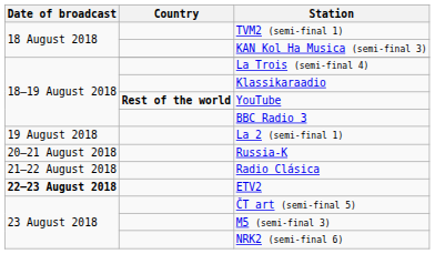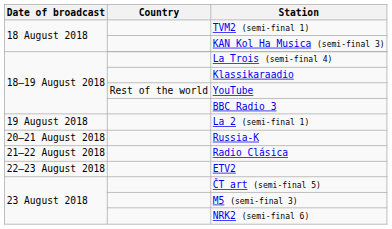 <table class="wikitable sortable">
 <tr>
 <th>Date of broadcast</th>
 <th>Country</th>
 <th>Station</th>
 </tr>
 <tr>
 <td rowspan="2">18 August 2018</td>
 <td></td>
 <td><a href='#'>TVM2</a> <small>(semi-final 1)</small></td>
 </tr>
 <tr>
 <td></td>
 <td><a href='#'>KAN Kol Ha Musica</a> <small>(semi-final 3)</small></td>
 </tr>
 <tr>
 <td rowspan="5">18–19 August 2018</td>
 </tr>
 <tr>
 <td></td>
 <td><a href='#'>La Trois</a> <small>(semi-final 4)</small></td>
 </tr>
 <tr>
 <td></td>
 <td><a href='#'>Klassikaraadio</a></td>
 </tr>
 <tr>
-<td><strong> Rest of the world</strong></td>
+<td> Rest of the world</td>
 <td><a href='#'>YouTube</a></td>
 </tr>
 <tr>
 <td></td>
 <td><a href='#'>BBC Radio 3</a></td>
 </tr>
 <tr>
 <td>19 August 2018</td>
 <td></td>
 <td><a href='#'>La 2</a> <small>(semi-final 1)</small></td>
 </tr>
 <tr>
 <td>20–21 August 2018</td>
 <td></td>
 <td><a href='#'>Russia-K</a></td>
 </tr>
 <tr>
 <td>21–22 August 2018</td>
 <td></td>
 <td><a href='#'>Radio Clásica</a></td>
 </tr>
 <tr>
-<td><strong>22–23 August 2018</strong></td>
+<td>22–23 August 2018</td>
 <td></td>
 <td><a href='#'>ETV2</a></td>
 </tr>
 <tr>
 <td rowspan="3">23 August 2018</td>
 <td></td>
 <td><a href='#'>ČT art</a> <small>(semi-final 5)</small></td>
 </tr>
 <tr>
 <td></td>
 <td><a href='#'>M5</a> <small>(semi-final 3)</small></td>
 </tr>
 <tr>
 <td></td>
 <td><a href='#'>NRK2</a> <small>(semi-final 6)</small></td>
 </tr>
 </table>
